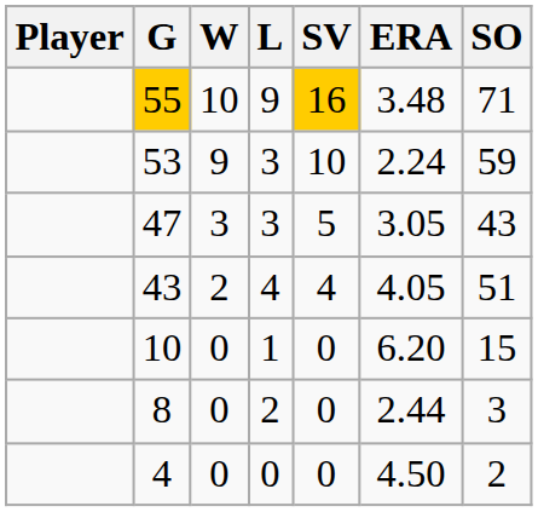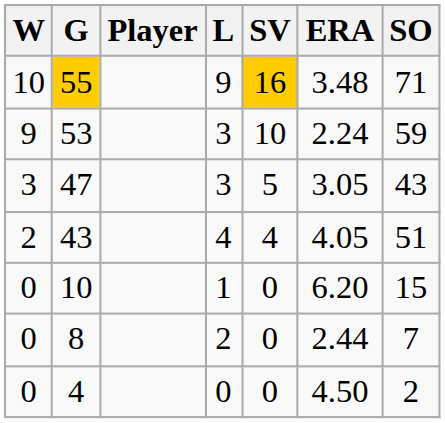 <table class="wikitable sortable">
 <tr>
+<th>W</th>
+<th>G</th>
 <th>Player</th>
-<th>G</th>
-<th>W</th>
 <th>L</th>
 <th>SV</th>
 <th>ERA</th>
 <th>SO</th>
 </tr>
 <tr align="center">
+<td>10</td>
+<td bgcolor="#FFCC00">55</td>
 <td></td>
-<td bgcolor="#FFCC00">55</td>
-<td>10</td>
 <td>9</td>
 <td bgcolor="#FFCC00">16</td>
 <td>3.48</td>
 <td>71</td>
 </tr>
 <tr align="center">
+<td>9</td>
+<td>53</td>
 <td></td>
-<td>53</td>
-<td>9</td>
 <td>3</td>
 <td>10</td>
 <td>2.24</td>
 <td>59</td>
 </tr>
 <tr align="center">
+<td>3</td>
+<td>47</td>
 <td></td>
-<td>47</td>
-<td>3</td>
 <td>3</td>
 <td>5</td>
 <td>3.05</td>
 <td>43</td>
 </tr>
 <tr align="center">
+<td>2</td>
+<td>43</td>
 <td></td>
-<td>43</td>
-<td>2</td>
 <td>4</td>
 <td>4</td>
 <td>4.05</td>
 <td>51</td>
 </tr>
 <tr align="center">
+<td>0</td>
+<td>10</td>
 <td></td>
-<td>10</td>
-<td>0</td>
 <td>1</td>
 <td>0</td>
 <td>6.20</td>
 <td>15</td>
 </tr>
 <tr align="center">
+<td>0</td>
+<td>8</td>
 <td></td>
-<td>8</td>
-<td>0</td>
 <td>2</td>
 <td>0</td>
 <td>2.44</td>
-<td>3</td>
+<td>7</td>
 </tr>
 <tr align="center">
+<td>0</td>
+<td>4</td>
 <td></td>
-<td>4</td>
-<td>0</td>
 <td>0</td>
 <td>0</td>
 <td>4.50</td>
 <td>2</td>
 </tr>
 </table>
